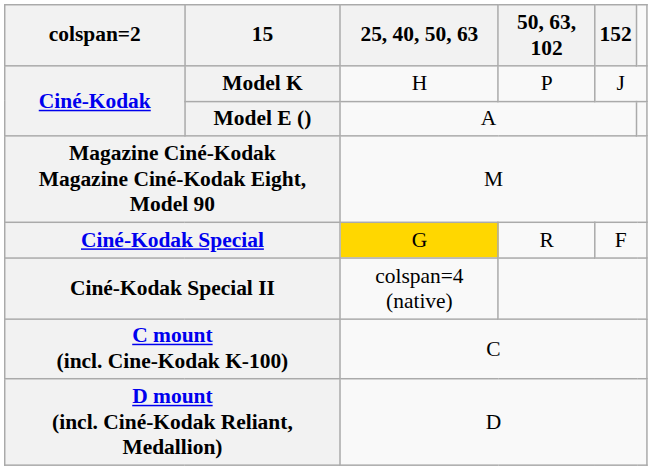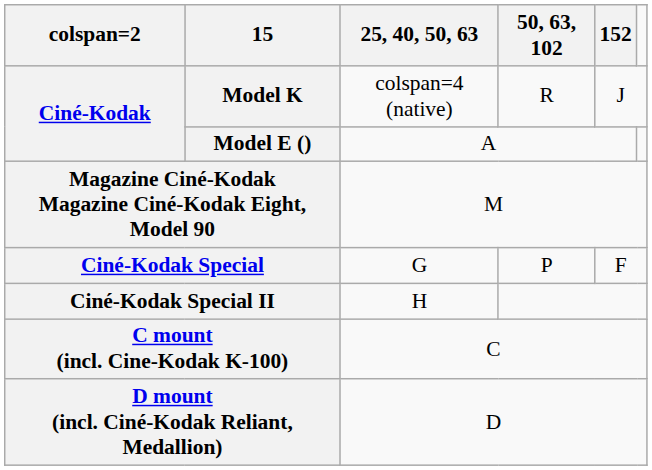 <table class="wikitable floatright" style="font-size:90%;text-align:center;width:30em;">
 <tr>
 <th>colspan=2 </th>
 <th>15</th>
 <th>25, 40, 50, 63</th>
 <th>50, 63, 102</th>
 <th>152</th>
 </tr>
 <tr>
 <th rowspan=2><a href='#'>Ciné-Kodak</a></th>
 <th>Model K</th>
-<td>H</td>
-<td>P</td>
+<td>colspan=4  (native)</td>
+<td>R</td>
 <td colspan=2>J</td>
 </tr>
 <tr>
 <th>Model E ()</th>
 <td colspan=3>A</td>
 <td></td>
 </tr>
 <tr>
 <th colspan=2>Magazine Ciné-Kodak<br>Magazine Ciné-Kodak Eight, Model 90</th>
 <td colspan=5>M</td>
 </tr>
 <tr>
 <th colspan=2><a href='#'>Ciné-Kodak Special</a></th>
-<td style="background: gold;">G</td>
-<td>R</td>
+<td>G</td>
+<td>P</td>
 <td colspan=2>F</td>
 </tr>
 <tr>
 <th colspan=2>Ciné-Kodak Special II</th>
-<td>colspan=4  (native)</td>
+<td>H</td>
 </tr>
 <tr>
 <th colspan=2><a href='#'>C mount</a><br>(incl. Cine-Kodak K-100)</th>
 <td colspan=4>C</td>
 </tr>
 <tr>
 <th colspan=2><a href='#'>D mount</a><br>(incl. Ciné-Kodak Reliant, Medallion)</th>
 <td colspan=4>D</td>
 </tr>
 </table>
